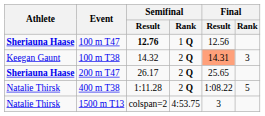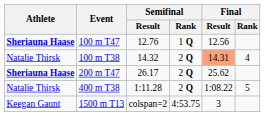 <table class="wikitable" style="font-size:90%">
 <tr>
 <th rowspan="2">Athlete</th>
 <th rowspan="2">Event</th>
 <th colspan="2">Semifinal</th>
 <th colspan="2">Final</th>
 </tr>
 <tr style="font-size:95%">
 <th>Result</th>
 <th>Rank</th>
 <th>Result</th>
 <th>Rank</th>
 </tr>
 <tr align=center>
 <td align=left><strong><a href='#'>Sheriauna Haase</a></strong></td>
 <td align=left><a href='#'>100 m T47</a></td>
-<td><strong>12.76</strong></td>
+<td>12.76</td>
 <td>1 <strong>Q</strong></td>
 <td>12.56</td>
 <td></td>
 </tr>
 <tr align=center>
-<td align=left><a href='#'>Keegan Gaunt</a></td>
+<td align=left><a href='#'>Natalie Thirsk</a></td>
 <td align=left><a href='#'>100 m T38</a></td>
 <td>14.32</td>
 <td>2 <strong>Q</strong></td>
 <td style="background: lightsalmon;">14.31</td>
-<td>3</td>
+<td>4</td>
 </tr>
 <tr align=center>
 <td align=left><strong><a href='#'>Sheriauna Haase</a></strong></td>
 <td align=left><a href='#'>200 m T47</a></td>
 <td>26.17</td>
 <td>2 <strong>Q</strong></td>
-<td>25.65</td>
+<td>25.62</td>
 <td></td>
 </tr>
 <tr align=center>
 <td align=left><a href='#'>Natalie Thirsk</a></td>
 <td align=left><a href='#'>400 m T38</a></td>
 <td>1:11.28</td>
 <td>2 <strong>Q</strong></td>
 <td>1:08.22</td>
 <td>5</td>
 </tr>
 <tr align=center>
-<td align=left><a href='#'>Natalie Thirsk</a></td>
+<td align=left><a href='#'>Keegan Gaunt</a></td>
 <td align=left><a href='#'>1500 m T13</a></td>
 <td>colspan=2 </td>
 <td>4:53.75</td>
 <td>3</td>
 </tr>
 </table>
